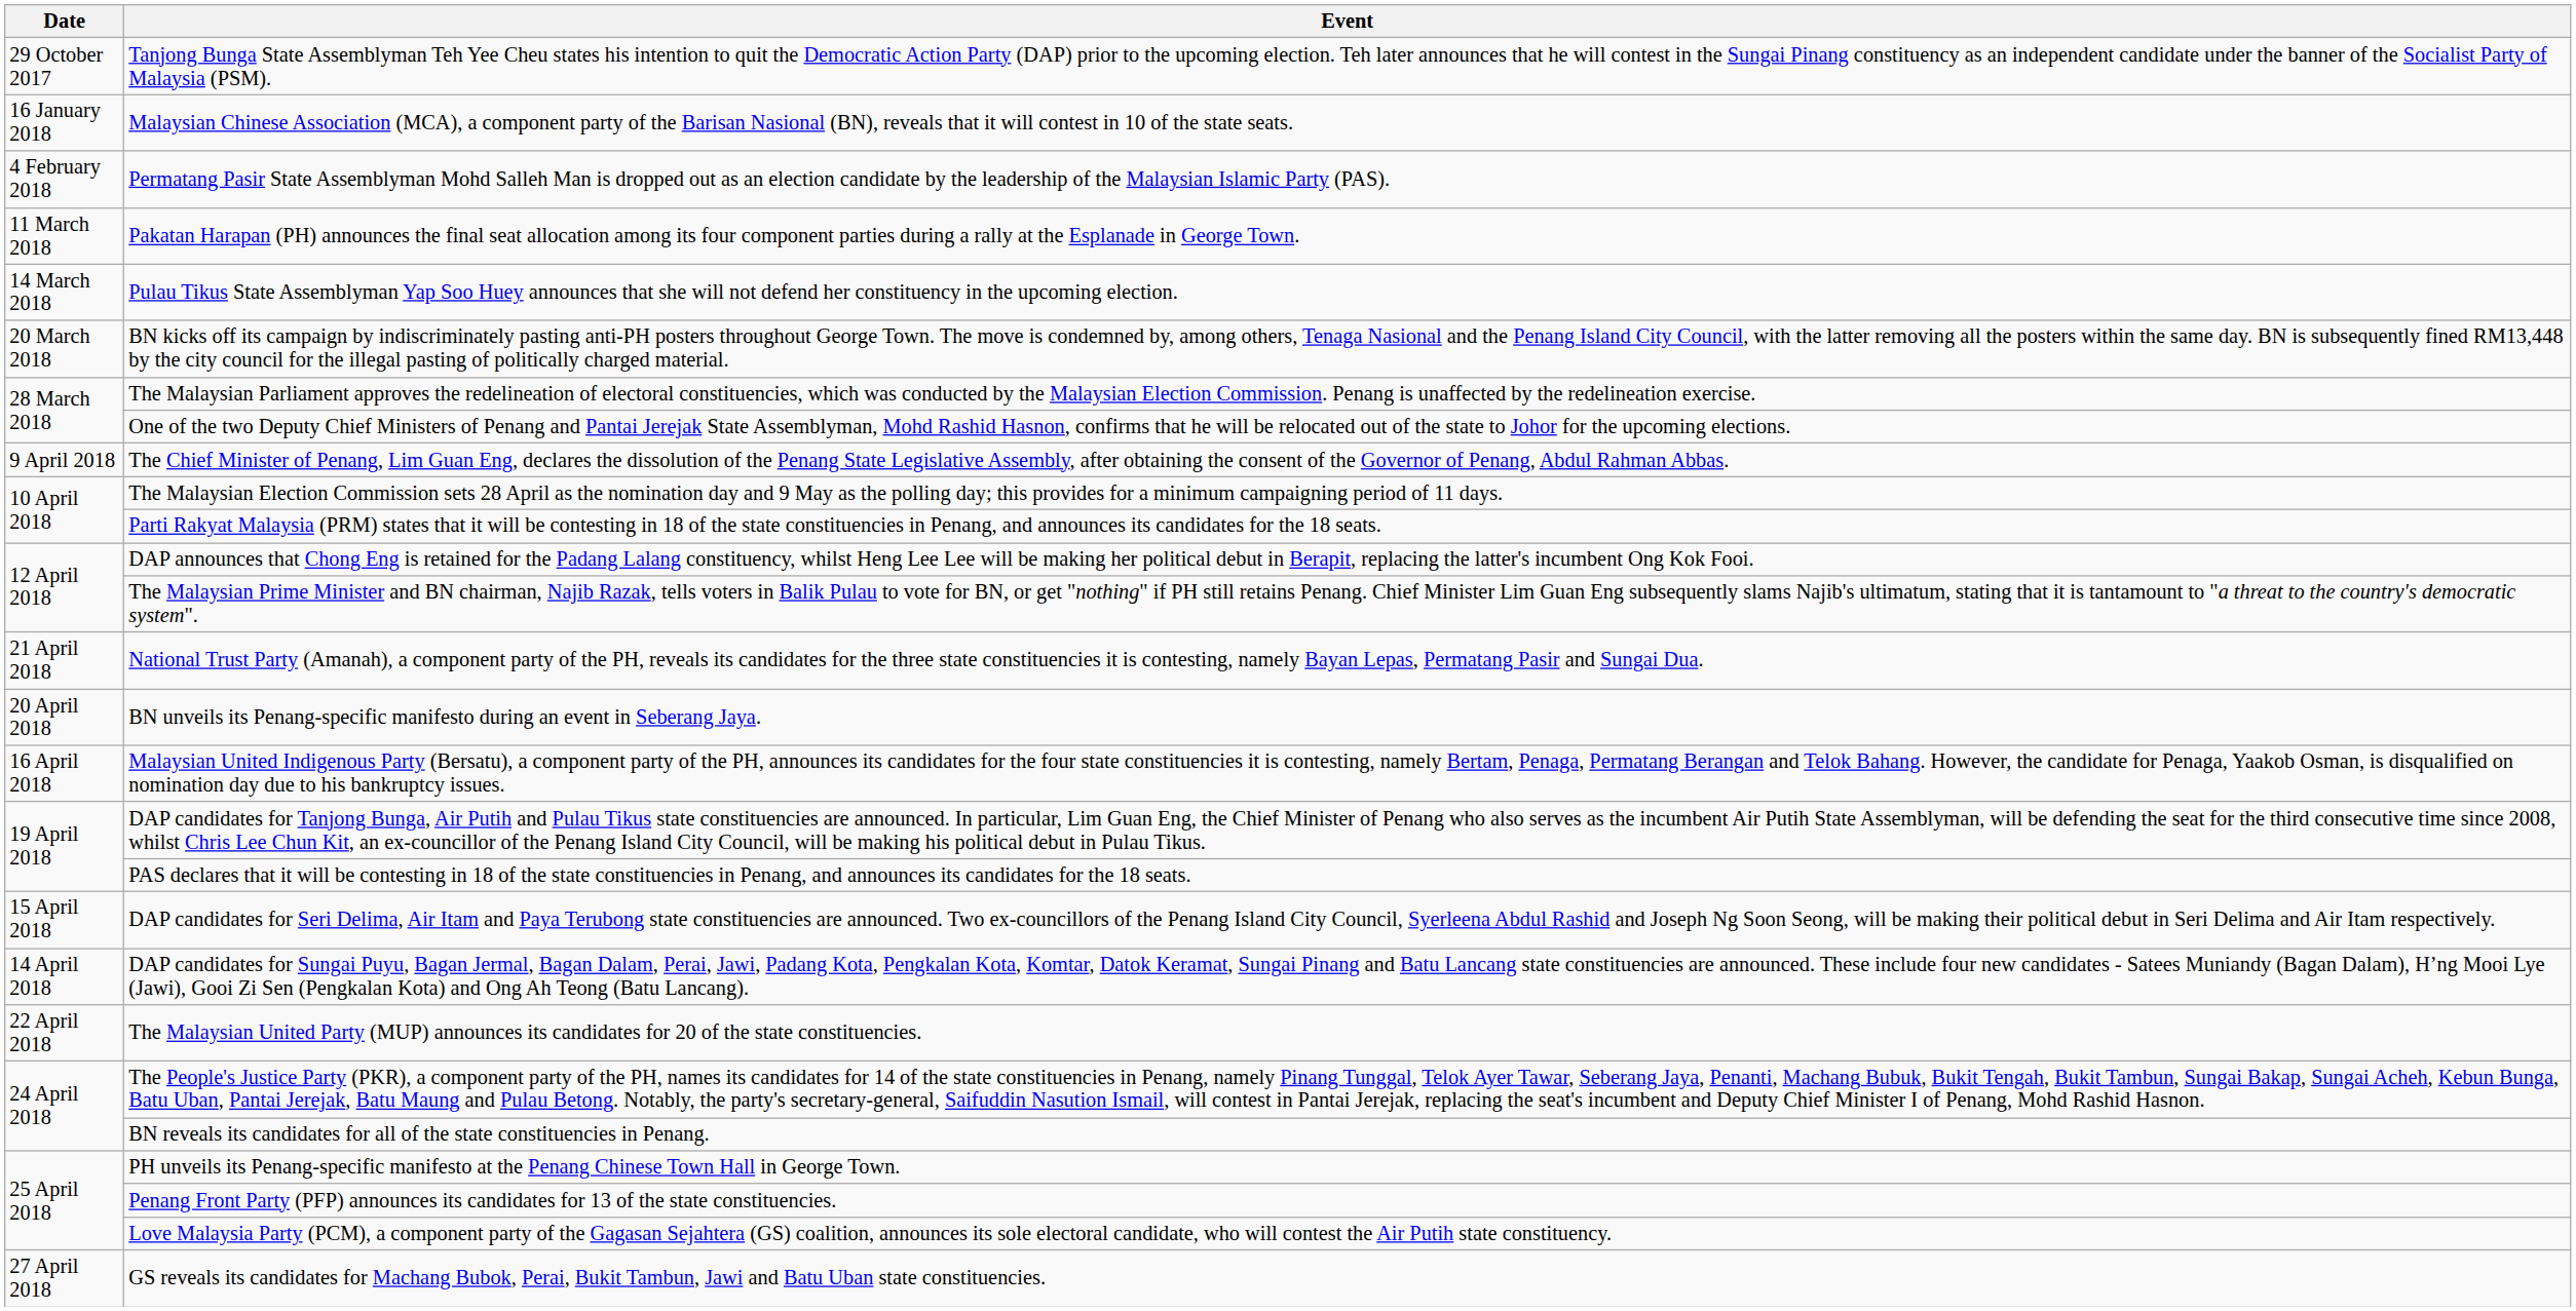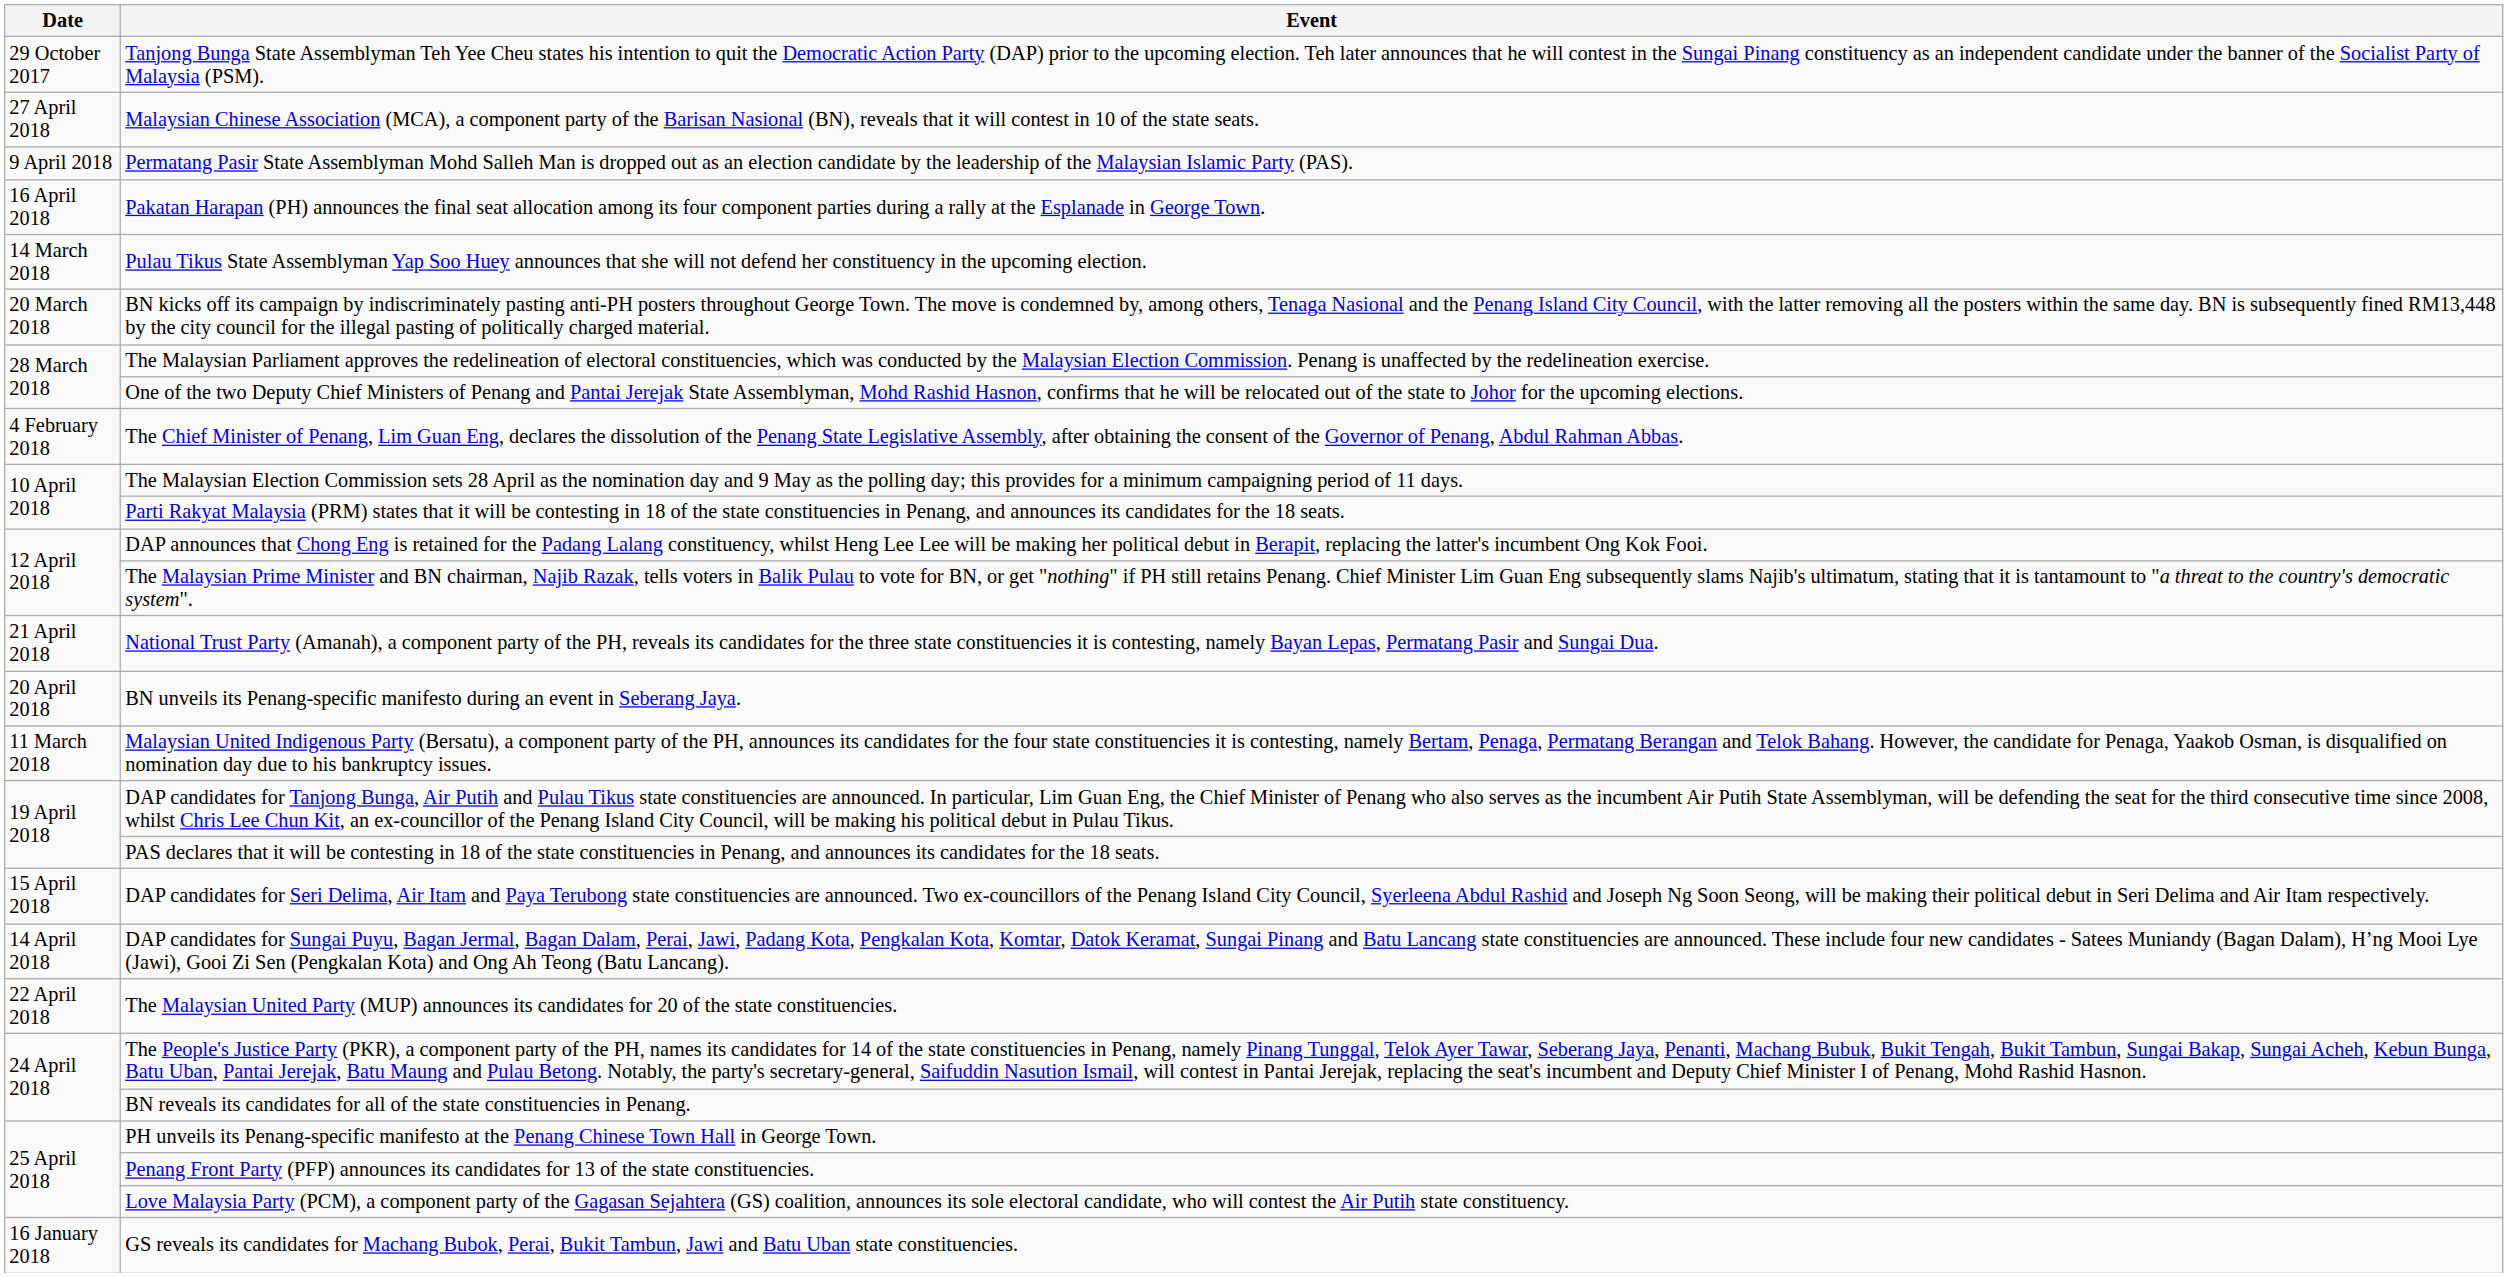 <table class="wikitable mw-collapsible">
 <tr>
 <th>Date</th>
 <th>Event</th>
 </tr>
 <tr>
 <td>29 October 2017</td>
 <td>  <a href='#'>Tanjong Bunga</a> State Assemblyman Teh Yee Cheu states his intention to quit the <a href='#'>Democratic Action Party</a> (DAP) prior to the upcoming election. Teh later announces that he will contest in the <a href='#'>Sungai Pinang</a> constituency as an independent candidate under the banner of the <a href='#'>Socialist Party of Malaysia</a> (PSM).</td>
 </tr>
 <tr>
-<td>16 January 2018</td>
+<td>27 April 2018</td>
 <td><a href='#'>Malaysian Chinese Association</a> (MCA), a component party of the <a href='#'>Barisan Nasional</a> (BN), reveals that it will contest in 10 of the state seats.</td>
 </tr>
 <tr>
-<td>4 February 2018</td>
+<td>9 April 2018</td>
 <td> <a href='#'>Permatang Pasir</a> State Assemblyman Mohd Salleh Man is dropped out as an election candidate by the leadership of the <a href='#'>Malaysian Islamic Party</a> (PAS).</td>
 </tr>
 <tr>
-<td>11 March 2018</td>
+<td>16 April 2018</td>
 <td> <a href='#'>Pakatan Harapan</a> (PH) announces the final seat allocation among its four component parties during a rally at the <a href='#'>Esplanade</a> in <a href='#'>George Town</a>.</td>
 </tr>
 <tr>
 <td>14 March 2018</td>
 <td> <a href='#'>Pulau Tikus</a> State Assemblyman <a href='#'>Yap Soo Huey</a> announces that she will not defend her constituency in the upcoming election.</td>
 </tr>
 <tr>
 <td>20 March 2018</td>
 <td>BN kicks off its campaign by indiscriminately pasting anti-PH posters throughout George Town. The move is condemned by, among others, <a href='#'>Tenaga Nasional</a> and the <a href='#'>Penang Island City Council</a>, with the latter removing all the posters within the same day. BN is subsequently fined RM13,448 by the city council for the illegal pasting of politically charged material.</td>
 </tr>
 <tr>
 <td rowspan="2">28 March 2018</td>
 <td>The Malaysian Parliament approves the redelineation of electoral constituencies, which was conducted by the <a href='#'>Malaysian Election Commission</a>. Penang is unaffected by the redelineation exercise.</td>
 </tr>
 <tr>
 <td> One of the two Deputy Chief Ministers of Penang and <a href='#'>Pantai Jerejak</a> State Assemblyman, <a href='#'>Mohd Rashid Hasnon</a>, confirms that he will be relocated out of the state to <a href='#'>Johor</a> for the upcoming elections.</td>
 </tr>
 <tr>
-<td>9 April 2018</td>
+<td>4 February 2018</td>
 <td>The <a href='#'>Chief Minister of Penang</a>, <a href='#'>Lim Guan Eng</a>, declares the dissolution of the <a href='#'>Penang State Legislative Assembly</a>, after obtaining the consent of the <a href='#'>Governor of Penang</a>, <a href='#'>Abdul Rahman Abbas</a>.</td>
 </tr>
 <tr>
 <td rowspan="2">10 April 2018</td>
 <td>The Malaysian Election Commission sets 28 April as the nomination day and 9 May as the polling day; this provides for a minimum campaigning period of 11 days.</td>
 </tr>
 <tr>
 <td> <a href='#'>Parti Rakyat Malaysia</a> (PRM) states that it will be contesting in 18 of the state constituencies in Penang, and announces its candidates for the 18 seats.</td>
 </tr>
 <tr>
 <td rowspan="2">12 April 2018</td>
 <td> DAP announces that <a href='#'>Chong Eng</a> is retained for the <a href='#'>Padang Lalang</a> constituency, whilst Heng Lee Lee will be making her political debut in <a href='#'>Berapit</a>, replacing the latter's incumbent Ong Kok Fooi.</td>
 </tr>
 <tr>
 <td>The <a href='#'>Malaysian Prime Minister</a> and BN chairman, <a href='#'>Najib Razak</a>, tells voters in <a href='#'>Balik Pulau</a> to vote for BN, or get "<em>nothing</em>" if PH still retains Penang. Chief Minister Lim Guan Eng subsequently slams Najib's ultimatum, stating that it is tantamount to "<em>a threat to the country's democratic system</em>".</td>
 </tr>
 <tr>
 <td>21 April 2018</td>
 <td> <a href='#'>National Trust Party</a> (Amanah), a component party of the PH, reveals its candidates for the three state constituencies it is contesting, namely <a href='#'>Bayan Lepas</a>, <a href='#'>Permatang Pasir</a> and <a href='#'>Sungai Dua</a>.</td>
 </tr>
 <tr>
 <td>20 April 2018</td>
 <td>BN unveils its Penang-specific manifesto during an event in <a href='#'>Seberang Jaya</a>.</td>
 </tr>
 <tr>
-<td>16 April 2018</td>
+<td>11 March 2018</td>
 <td> <a href='#'>Malaysian United Indigenous Party</a> (Bersatu), a component party of the PH, announces its candidates for the four state constituencies it is contesting, namely <a href='#'>Bertam</a>, <a href='#'>Penaga</a>, <a href='#'>Permatang Berangan</a> and <a href='#'>Telok Bahang</a>. However, the candidate for Penaga, Yaakob Osman, is disqualified on nomination day due to his bankruptcy issues.</td>
 </tr>
 <tr>
 <td rowspan="2">19 April 2018</td>
 <td> DAP candidates for <a href='#'>Tanjong Bunga</a>, <a href='#'>Air Putih</a> and <a href='#'>Pulau Tikus</a> state constituencies are announced. In particular, Lim Guan Eng, the Chief Minister of Penang who also serves as the incumbent Air Putih State Assemblyman, will be defending the seat for the third consecutive time since 2008, whilst <a href='#'>Chris Lee Chun Kit</a>, an ex-councillor of the Penang Island City Council, will be making his political debut in Pulau Tikus.</td>
 </tr>
 <tr>
 <td> PAS declares that it will be contesting in 18 of the state constituencies in Penang, and announces its candidates for the 18 seats.</td>
 </tr>
 <tr>
 <td>15 April 2018</td>
 <td> DAP candidates for <a href='#'>Seri Delima</a>, <a href='#'>Air Itam</a> and <a href='#'>Paya Terubong</a> state constituencies are announced. Two ex-councillors of the Penang Island City Council, <a href='#'>Syerleena Abdul Rashid</a> and Joseph Ng Soon Seong, will be making their political debut in Seri Delima and Air Itam respectively.</td>
 </tr>
 <tr>
 <td>14 April 2018</td>
 <td> DAP candidates for <a href='#'>Sungai Puyu</a>, <a href='#'>Bagan Jermal</a>, <a href='#'>Bagan Dalam</a>, <a href='#'>Perai</a>, <a href='#'>Jawi</a>, <a href='#'>Padang Kota</a>, <a href='#'>Pengkalan Kota</a>, <a href='#'>Komtar</a>, <a href='#'>Datok Keramat</a>, <a href='#'>Sungai Pinang</a> and <a href='#'>Batu Lancang</a> state constituencies are announced. These include four new candidates - Satees Muniandy (Bagan Dalam), H’ng Mooi Lye (Jawi), Gooi Zi Sen (Pengkalan Kota) and Ong Ah Teong (Batu Lancang).</td>
 </tr>
 <tr>
 <td>22 April 2018</td>
 <td>The <a href='#'>Malaysian United Party</a> (MUP) announces its candidates for 20 of the state constituencies.</td>
 </tr>
 <tr>
 <td rowspan="2">24 April 2018</td>
 <td> The <a href='#'>People's Justice Party</a> (PKR), a component party of the PH, names its candidates for 14 of the state constituencies in Penang, namely <a href='#'>Pinang Tunggal</a>, <a href='#'>Telok Ayer Tawar</a>, <a href='#'>Seberang Jaya</a>, <a href='#'>Penanti</a>, <a href='#'>Machang Bubuk</a>, <a href='#'>Bukit Tengah</a>, <a href='#'>Bukit Tambun</a>, <a href='#'>Sungai Bakap</a>, <a href='#'>Sungai Acheh</a>, <a href='#'>Kebun Bunga</a>, <a href='#'>Batu Uban</a>, <a href='#'>Pantai Jerejak</a>, <a href='#'>Batu Maung</a> and <a href='#'>Pulau Betong</a>. Notably, the party's secretary-general, <a href='#'>Saifuddin Nasution Ismail</a>, will contest in Pantai Jerejak, replacing the seat's incumbent and Deputy Chief Minister I of Penang, Mohd Rashid Hasnon.</td>
 </tr>
 <tr>
 <td>BN reveals its candidates for all of the state constituencies in Penang.</td>
 </tr>
 <tr>
 <td rowspan="3">25 April 2018</td>
 <td> PH unveils its Penang-specific manifesto at the <a href='#'>Penang Chinese Town Hall</a> in George Town.</td>
 </tr>
 <tr>
 <td> <a href='#'>Penang Front Party</a> (PFP) announces its candidates for 13 of the state constituencies.</td>
 </tr>
 <tr>
 <td> <a href='#'>Love Malaysia Party</a> (PCM), a component party of the <a href='#'>Gagasan Sejahtera</a> (GS) coalition, announces its sole electoral candidate, who will contest the <a href='#'>Air Putih</a> state constituency.</td>
 </tr>
 <tr>
-<td>27 April 2018</td>
+<td>16 January 2018</td>
 <td> GS reveals its candidates for <a href='#'>Machang Bubok</a>, <a href='#'>Perai</a>, <a href='#'>Bukit Tambun</a>, <a href='#'>Jawi</a> and <a href='#'>Batu Uban</a> state constituencies.</td>
 </tr>
 </table>
